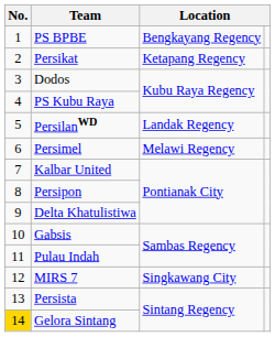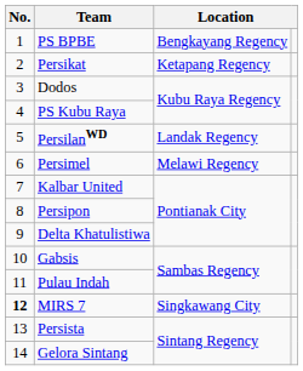 <table class="wikitable">
 <tr>
 <th>No.</th>
 <th>Team</th>
 <th colspan=2>Location</th>
 </tr>
 <tr>
 <td align=center>1</td>
 <td><a href='#'>PS BPBE</a></td>
 <td><a href='#'>Bengkayang Regency</a></td>
 <td></td>
 </tr>
 <tr>
 <td align=center>2</td>
 <td><a href='#'>Persikat</a></td>
 <td><a href='#'>Ketapang Regency</a></td>
 <td></td>
 </tr>
 <tr>
 <td align=center>3</td>
 <td>Dodos</td>
 <td rowspan=2><a href='#'>Kubu Raya Regency</a></td>
 <td rowspan=2></td>
 </tr>
 <tr>
 <td align=center>4</td>
 <td><a href='#'>PS Kubu Raya</a></td>
 </tr>
 <tr>
 <td align=center>5</td>
 <td><a href='#'>Persilan</a><sup><strong>WD</strong></sup></td>
 <td><a href='#'>Landak Regency</a></td>
 <td></td>
 </tr>
 <tr>
 <td align=center>6</td>
 <td><a href='#'>Persimel</a></td>
 <td><a href='#'>Melawi Regency</a></td>
 <td></td>
 </tr>
 <tr>
 <td align=center>7</td>
 <td><a href='#'>Kalbar United</a></td>
 <td rowspan=3><a href='#'>Pontianak City</a></td>
 <td rowspan=3></td>
 </tr>
 <tr>
 <td align=center>8</td>
 <td><a href='#'>Persipon</a></td>
 </tr>
 <tr>
 <td align=center>9</td>
 <td><a href='#'>Delta Khatulistiwa</a></td>
 </tr>
 <tr>
 <td align=center>10</td>
 <td><a href='#'>Gabsis</a></td>
 <td rowspan=2><a href='#'>Sambas Regency</a></td>
 <td rowspan=2></td>
 </tr>
 <tr>
 <td align=center>11</td>
 <td><a href='#'>Pulau Indah</a></td>
 </tr>
 <tr>
-<td align=center>12</td>
+<td align=center><strong>12</strong></td>
 <td><a href='#'>MIRS 7</a></td>
 <td><a href='#'>Singkawang City</a></td>
 <td></td>
 </tr>
 <tr>
 <td align=center>13</td>
 <td><a href='#'>Persista</a></td>
 <td rowspan=2><a href='#'>Sintang Regency</a></td>
 <td rowspan=2></td>
 </tr>
 <tr>
-<td align=center style="background: gold;">14</td>
+<td align=center>14</td>
 <td><a href='#'>Gelora Sintang</a></td>
 </tr>
 </table>
